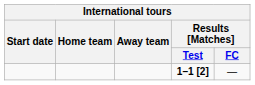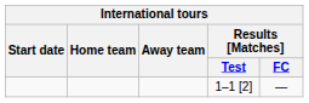 <table class="wikitable" style="text-align:center;">
 <tr>
 <th colspan="7">International tours</th>
 </tr>
 <tr>
 <th rowspan="2">Start date</th>
 <th rowspan="2">Home team</th>
 <th rowspan="2">Away team</th>
 <th colspan="2">Results [Matches]</th>
 </tr>
 <tr>
 <th width=60px><a href='#'>Test</a></th>
 <th width=50px><a href='#'>FC</a></th>
 </tr>
 <tr>
 <td><a href='#'></a></td>
 <td style="text-align:left"></td>
 <td style="text-align:left"></td>
-<td><strong>1–1 [2]</strong></td>
+<td>1–1 [2]</td>
 <td ; style="text-align:center">—</td>
 </tr>
 </table>
